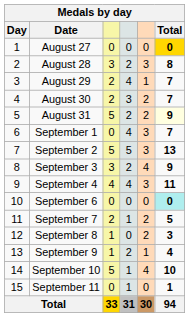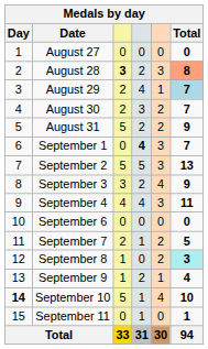 <table class=wikitable style="font-size:85%; float:right; text-align:center">
 <tr>
 <th colspan=6>Medals by day</th>
 </tr>
 <tr>
 <th>Day</th>
 <th>Date</th>
 <td bgcolor=F7F6A8></td>
 <td bgcolor=DCE5E5></td>
 <td bgcolor=FFDAB9></td>
 <th>Total</th>
 </tr>
 <tr>
 <td>1</td>
 <td>August 27</td>
 <td bgcolor=F7F6A8>0</td>
 <td bgcolor=DCE5E5>0</td>
 <td bgcolor=FFDAB9>0</td>
-<td style="background: gold;"><strong>0</strong></td>
+<td><strong>0</strong></td>
 </tr>
 <tr>
 <td>2</td>
 <td>August 28</td>
-<td bgcolor=F7F6A8>3</td>
+<td bgcolor=F7F6A8><strong>3</strong></td>
 <td bgcolor=DCE5E5>2</td>
 <td bgcolor=FFDAB9>3</td>
-<td><strong>8</strong></td>
+<td style="background: lightsalmon;"><strong>8</strong></td>
 </tr>
 <tr>
 <td>3</td>
 <td>August 29</td>
 <td bgcolor=F7F6A8>2</td>
 <td bgcolor=DCE5E5>4</td>
 <td bgcolor=FFDAB9>1</td>
-<td><strong>7</strong></td>
+<td style="background: lightblue;"><strong>7</strong></td>
 </tr>
 <tr>
 <td>4</td>
 <td>August 30</td>
 <td bgcolor=F7F6A8>2</td>
 <td bgcolor=DCE5E5>3</td>
 <td bgcolor=FFDAB9>2</td>
 <td><strong>7</strong></td>
 </tr>
 <tr>
 <td>5</td>
 <td>August 31</td>
 <td bgcolor=F7F6A8>5</td>
 <td bgcolor=DCE5E5>2</td>
 <td bgcolor=FFDAB9>2</td>
-<td style="background: lightyellow;"><strong>9</strong></td>
+<td><strong>9</strong></td>
 </tr>
 <tr>
 <td>6</td>
 <td>September 1</td>
 <td bgcolor=F7F6A8>0</td>
-<td bgcolor=DCE5E5>4</td>
+<td bgcolor=DCE5E5><strong>4</strong></td>
 <td bgcolor=FFDAB9>3</td>
 <td><strong>7</strong></td>
 </tr>
 <tr>
 <td>7</td>
 <td>September 2</td>
 <td bgcolor=F7F6A8>5</td>
 <td bgcolor=DCE5E5>5</td>
 <td bgcolor=FFDAB9>3</td>
 <td><strong>13</strong></td>
 </tr>
 <tr>
 <td>8</td>
 <td>September 3</td>
 <td bgcolor=F7F6A8>3</td>
 <td bgcolor=DCE5E5>2</td>
 <td bgcolor=FFDAB9>4</td>
 <td><strong>9</strong></td>
 </tr>
 <tr>
 <td>9</td>
 <td>September 4</td>
 <td bgcolor=F7F6A8>4</td>
 <td bgcolor=DCE5E5>4</td>
 <td bgcolor=FFDAB9>3</td>
 <td><strong>11</strong></td>
 </tr>
 <tr>
 <td>10</td>
 <td>September 6</td>
 <td bgcolor=F7F6A8>0</td>
 <td bgcolor=DCE5E5>0</td>
 <td bgcolor=FFDAB9>0</td>
-<td style="background: paleturquoise;"><strong>0</strong></td>
+<td><strong>0</strong></td>
 </tr>
 <tr>
 <td>11</td>
 <td>September 7</td>
 <td bgcolor=F7F6A8>2</td>
 <td bgcolor=DCE5E5>1</td>
 <td bgcolor=FFDAB9>2</td>
 <td><strong>5</strong></td>
 </tr>
 <tr>
 <td>12</td>
 <td>September 8</td>
 <td bgcolor=F7F6A8>1</td>
 <td bgcolor=DCE5E5>0</td>
 <td bgcolor=FFDAB9>2</td>
-<td><strong>3</strong></td>
+<td style="background: paleturquoise;"><strong>3</strong></td>
 </tr>
 <tr>
 <td>13</td>
 <td>September 9</td>
 <td bgcolor=F7F6A8>1</td>
 <td bgcolor=DCE5E5>2</td>
 <td bgcolor=FFDAB9>1</td>
 <td><strong>4</strong></td>
 </tr>
 <tr>
-<td>14</td>
+<td><strong>14</strong></td>
 <td>September 10</td>
 <td bgcolor=F7F6A8>5</td>
 <td bgcolor=DCE5E5>1</td>
 <td bgcolor=FFDAB9>4</td>
 <td><strong>10</strong></td>
 </tr>
 <tr>
 <td>15</td>
 <td>September 11</td>
 <td bgcolor=F7F6A8>0</td>
 <td bgcolor=DCE5E5>1</td>
 <td bgcolor=FFDAB9>0</td>
 <td><strong>1</strong></td>
 </tr>
 <tr>
 <th colspan=2>Total</th>
 <th style=background:gold>33</th>
 <th style=background:silver>31</th>
 <th style=background:#c96>30</th>
 <th>94</th>
 </tr>
 </table>
